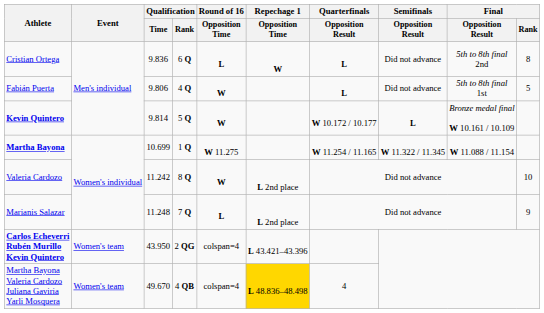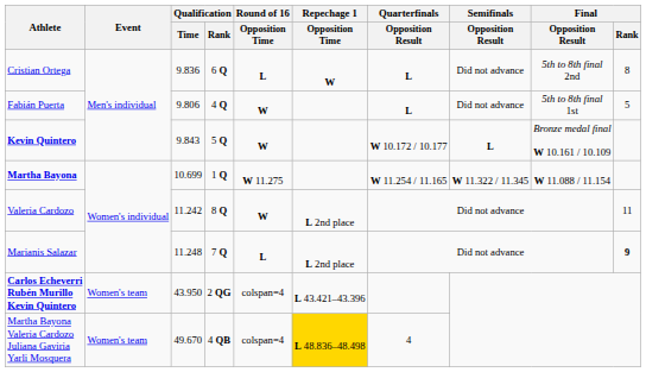 <table class=wikitable style="font-size:90%;">
 <tr>
 <th rowspan=2>Athlete</th>
 <th rowspan=2>Event</th>
 <th colspan=2>Qualification</th>
 <th>Round of 16</th>
 <th>Repechage 1</th>
 <th>Quarterfinals</th>
 <th>Semifinals</th>
 <th colspan=2>Final</th>
 </tr>
 <tr style="font-size:95%">
 <th>Time</th>
 <th>Rank</th>
 <th>Opposition<br>Time</th>
 <th>Opposition<br>Time</th>
 <th>Opposition<br>Result</th>
 <th>Opposition<br>Result</th>
 <th>Opposition<br>Result</th>
 <th>Rank</th>
 </tr>
 <tr align=center>
 <td align=left><a href='#'>Cristian Ortega</a></td>
 <td align=left rowspan=3><a href='#'>Men's individual</a></td>
 <td>9.836</td>
 <td>6 <strong>Q</strong></td>
 <td><br><strong>L</strong></td>
 <td><br><br><strong>W</strong></td>
 <td><br><strong>L</strong></td>
 <td>Did not advance</td>
 <td><em>5th to 8th final</em><br>2nd</td>
 <td>8</td>
 </tr>
 <tr align=center>
 <td align=left><a href='#'>Fabián Puerta</a></td>
 <td>9.806</td>
 <td>4 <strong>Q</strong></td>
 <td><br><strong>W</strong></td>
 <td></td>
 <td><br><strong>L</strong></td>
 <td>Did not advance</td>
 <td><em>5th to 8th final</em><br>1st</td>
 <td>5</td>
 </tr>
 <tr align=center>
 <td align=left><strong><a href='#'>Kevin Quintero</a></strong></td>
-<td>9.814</td>
+<td>9.843</td>
 <td>5 <strong>Q</strong></td>
 <td><br><strong>W</strong></td>
 <td></td>
 <td><br><strong>W</strong> 10.172 / 10.177</td>
 <td><br><strong>L</strong></td>
 <td><em>Bronze medal final</em><br><br><strong>W</strong> 10.161 / 10.109</td>
 <td></td>
 </tr>
 <tr align=center>
 <td align=left><strong><a href='#'>Martha Bayona</a></strong></td>
 <td align=left rowspan=3><a href='#'>Women's individual</a></td>
 <td>10.699</td>
 <td>1 <strong>Q</strong></td>
 <td><br><strong>W</strong> 11.275</td>
 <td></td>
 <td><br><strong>W</strong> 11.254 / 11.165</td>
 <td><br><strong>W</strong> 11.322 / 11.345</td>
 <td><br><strong>W</strong> 11.088 / 11.154</td>
 <td></td>
 </tr>
 <tr align=center>
 <td align=left><a href='#'>Valeria Cardozo</a></td>
 <td>11.242</td>
 <td>8 <strong>Q</strong></td>
 <td><br><strong>W</strong></td>
 <td><br><br><strong>L</strong> 2nd place</td>
 <td colspan=3>Did not advance</td>
-<td>10</td>
+<td>11</td>
 </tr>
 <tr align=center>
 <td align=left><a href='#'>Marianis Salazar</a></td>
 <td>11.248</td>
 <td>7 <strong>Q</strong></td>
 <td><br><strong>L</strong></td>
 <td><br><br><strong>L</strong> 2nd place</td>
 <td colspan=3>Did not advance</td>
-<td>9</td>
+<td><strong>9</strong></td>
 </tr>
 <tr align=center>
 <td align=left><strong><a href='#'>Carlos Echeverri</a><br><a href='#'>Rubén Murillo</a><br><a href='#'>Kevin Quintero</a></strong></td>
 <td align=left><a href='#'>Women's team</a></td>
 <td>43.950</td>
 <td>2 <strong>QG</strong></td>
 <td>colspan=4 </td>
 <td><br><strong>L</strong> 43.421–43.396</td>
 <td></td>
 </tr>
 <tr align=center>
 <td align=left><a href='#'>Martha Bayona</a><br><a href='#'>Valeria Cardozo</a><br><a href='#'>Juliana Gaviria</a><br><a href='#'>Yarli Mosquera</a></td>
 <td align=left><a href='#'>Women's team</a></td>
 <td>49.670</td>
 <td>4 <strong>QB</strong></td>
 <td>colspan=4 </td>
 <td style="background: gold;"><br><strong>L</strong> 48.836–48.498</td>
 <td>4</td>
 </tr>
 </table>
